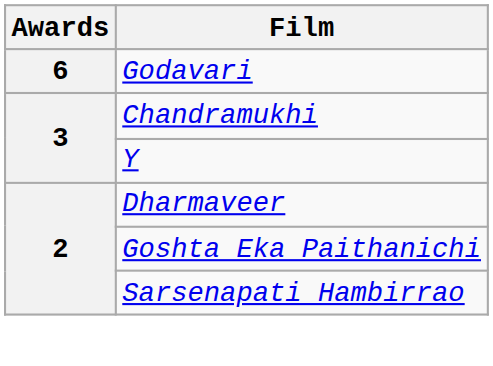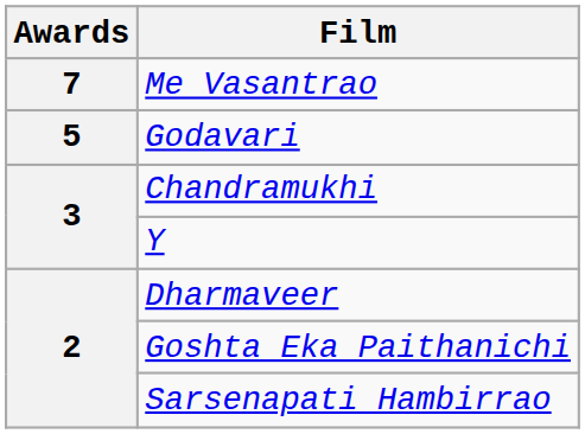 <table class="wikitable" style="display:inline-table;">
 <tr>
 <th>Awards</th>
 <th>Film</th>
 </tr>
 <tr>
-<th>6</th>
+<th scope=row>7</th>
+<td><em><a href='#'>Me Vasantrao</a></em></td>
+</tr>
+<tr>
+<th>5</th>
 <td><em><a href='#'>Godavari</a></em></td>
 </tr>
 <tr>
 <th rowspan="2">3</th>
 <td><em><a href='#'>Chandramukhi</a></em></td>
 </tr>
 <tr>
 <td><em><a href='#'>Y</a></em></td>
 </tr>
 <tr>
 <th rowspan="3">2</th>
 <td><em><a href='#'>Dharmaveer</a></em></td>
 </tr>
 <tr>
 <td><em><a href='#'>Goshta Eka Paithanichi</a></em></td>
 </tr>
 <tr>
 <td><em><a href='#'>Sarsenapati Hambirrao</a></em></td>
 </tr>
 </table>
